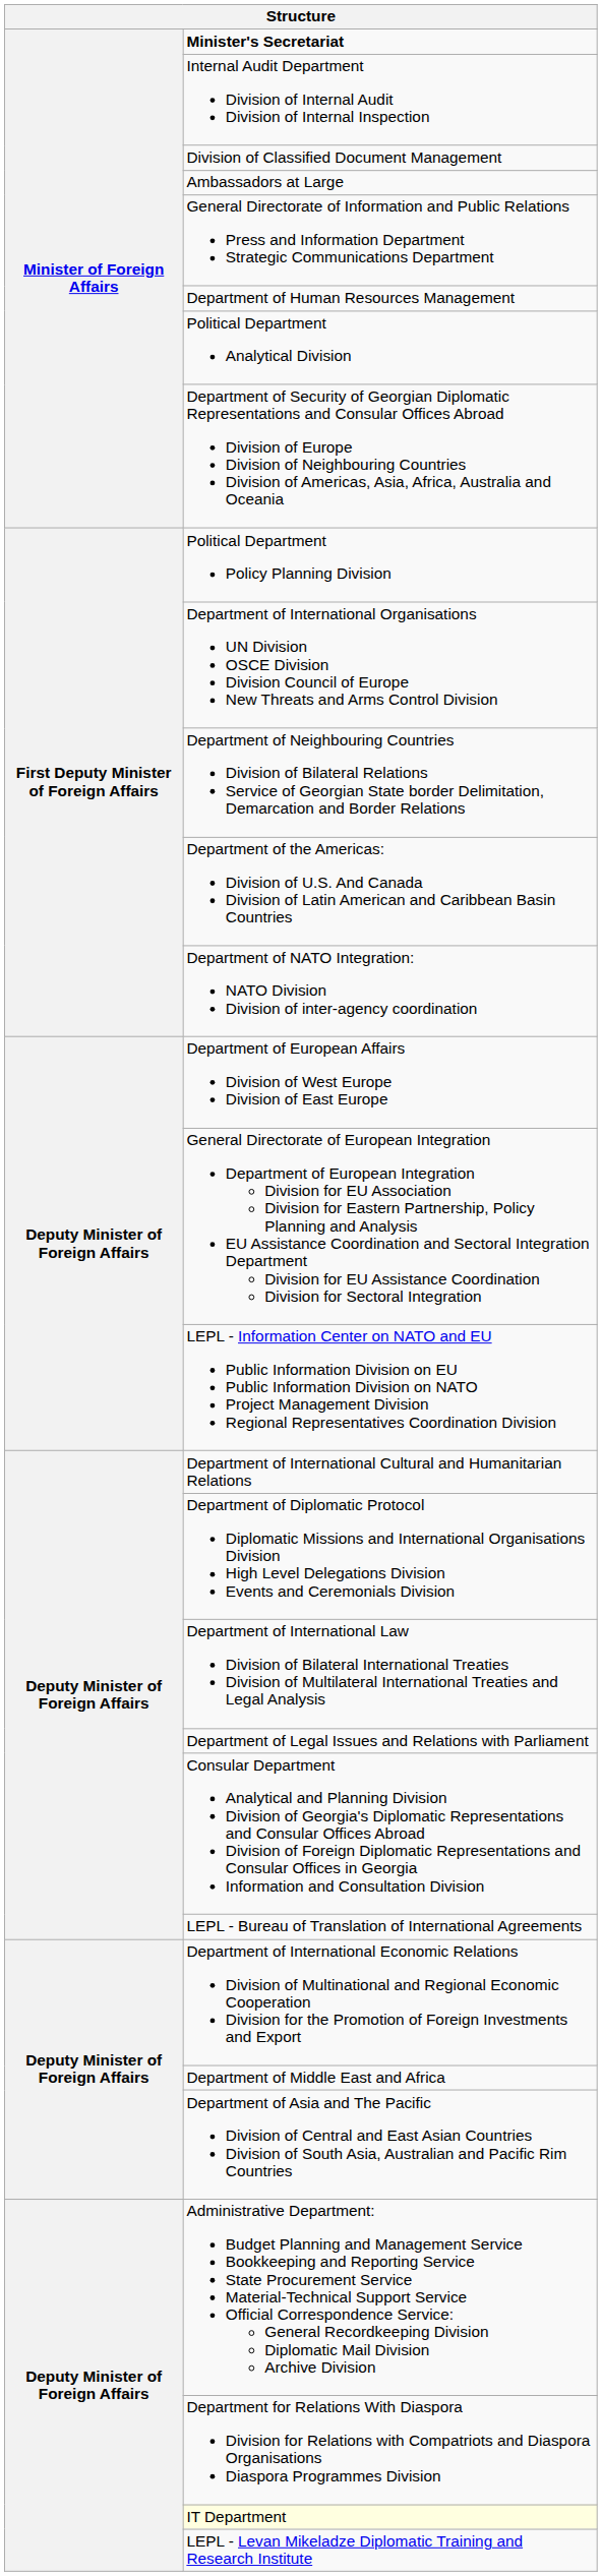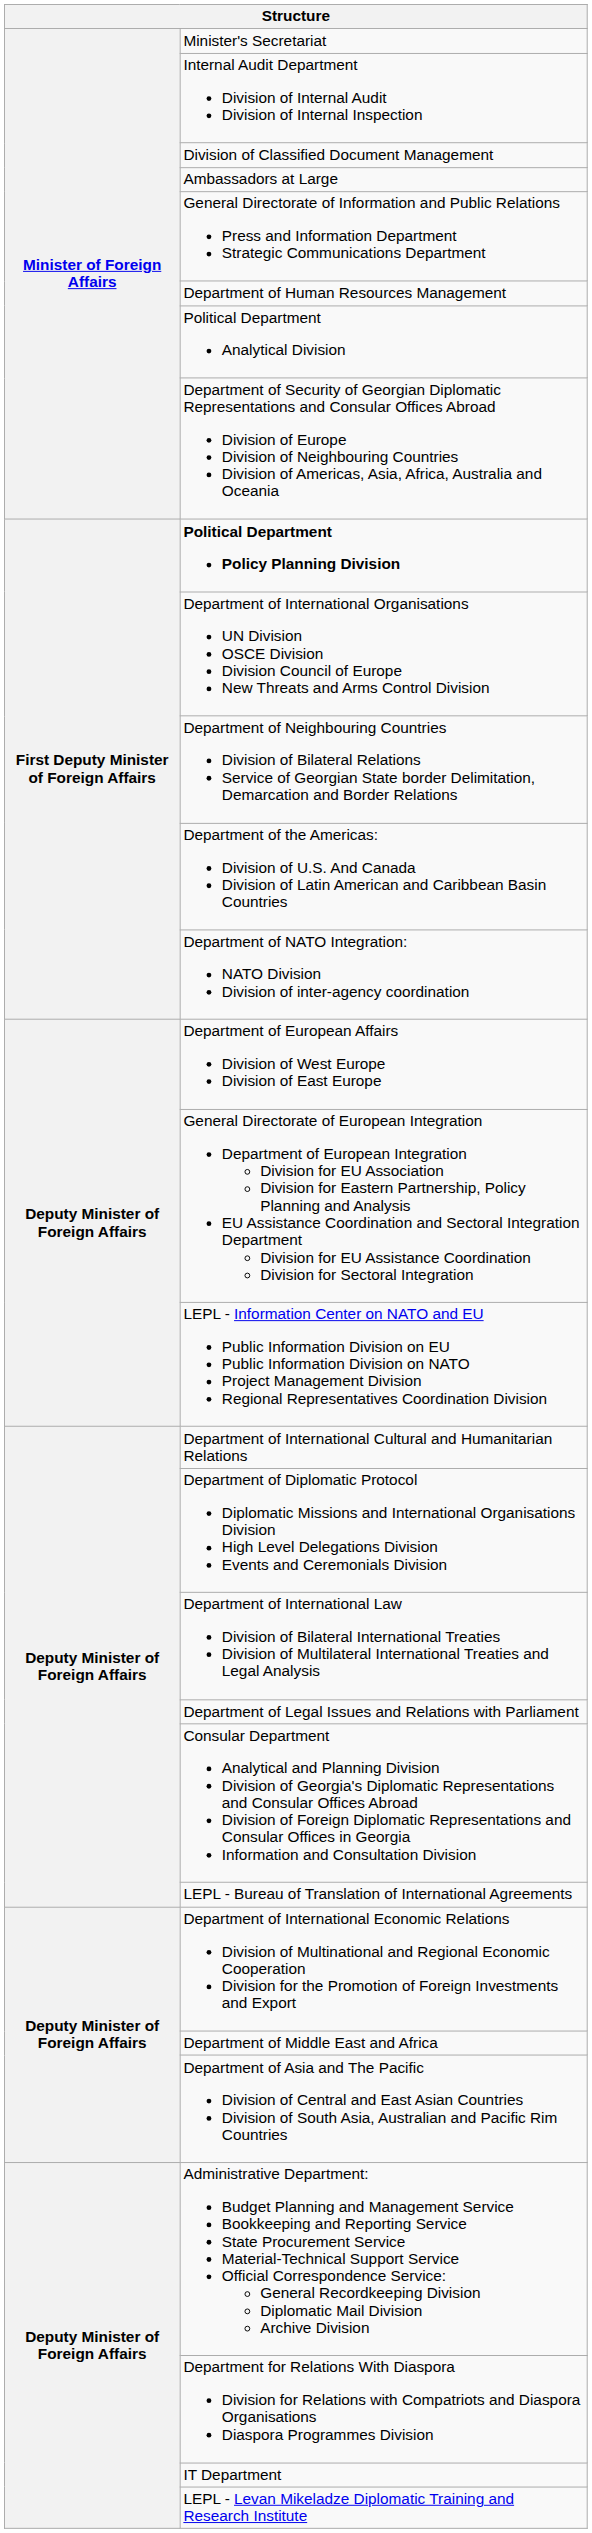 <table class="wikitable sortable">
 <tr>
 <th scope="col" colspan="2">Structure</th>
 </tr>
 <tr>
 <th scope="row" rowspan="8"><a href='#'>Minister of Foreign Affairs</a></th>
-<td><strong>Minister's Secretariat</strong></td>
+<td>Minister's Secretariat</td>
 </tr>
 <tr>
 <td>Internal Audit Department<br><ul><li>Division of Internal Audit</li><li>Division of Internal Inspection</li></ul></td>
 </tr>
 <tr>
 <td>Division of Classified Document Management</td>
 </tr>
 <tr>
 <td>Ambassadors at Large</td>
 </tr>
 <tr>
 <td>General Directorate of Information and Public Relations<br><ul><li>Press and Information Department</li><li>Strategic Communications Department</li></ul></td>
 </tr>
 <tr>
 <td>Department of Human Resources Management</td>
 </tr>
 <tr>
 <td>Political Department<br><ul><li>Analytical Division</li></ul></td>
 </tr>
 <tr>
 <td>Department of Security of Georgian Diplomatic Representations and Consular Offices Abroad<br><ul><li>Division of Europe</li><li>Division of Neighbouring Countries</li><li>Division of Americas, Asia, Africa, Australia and Oceania</li></ul></td>
 </tr>
 <tr>
 <th scope="row" rowspan="5">First Deputy Minister of Foreign Affairs</th>
-<td>Political Department<br><ul><li>Policy Planning Division</li></ul></td>
+<td><strong>Political Department<br><ul><li>Policy Planning Division</li></ul></strong></td>
 </tr>
 <tr>
 <td>Department of International Organisations<br><ul><li>UN Division</li><li>OSCE Division</li><li>Division Council of Europe</li><li>New Threats and Arms Control Division</li></ul></td>
 </tr>
 <tr>
 <td>Department of Neighbouring Countries<br><ul><li>Division of Bilateral Relations</li><li>Service of Georgian State border Delimitation, Demarcation and Border Relations</li></ul></td>
 </tr>
 <tr>
 <td>Department of the Americas:<br><ul><li>Division of U.S. And Canada</li><li>Division of Latin American and Caribbean Basin Countries</li></ul></td>
 </tr>
 <tr>
 <td>Department of NATO Integration:<br><ul><li>NATO Division</li><li>Division of inter-agency coordination</li></ul></td>
 </tr>
 <tr>
 <th scope="row" rowspan="3">Deputy Minister of Foreign Affairs</th>
 <td>Department of European Affairs<br><ul><li>Division of West Europe</li><li>Division of East Europe</li></ul></td>
 </tr>
 <tr>
 <td>General Directorate of European Integration<br><ul><li>Department of European Integration<ul><li>Division for EU Association</li><li>Division for Eastern Partnership, Policy Planning and Analysis</li></ul></li><li>EU Assistance Coordination and Sectoral Integration Department<ul><li>Division for EU Assistance Coordination</li><li>Division for Sectoral Integration</li></ul></li></ul></td>
 </tr>
 <tr>
 <td>LEPL - <a href='#'>Information Center on NATO and EU</a><br><ul><li>Public Information Division on EU</li><li>Public Information Division on NATO</li><li>Project Management Division</li><li>Regional Representatives Coordination Division</li></ul></td>
 </tr>
 <tr>
 <th scope="row" rowspan="6">Deputy Minister of Foreign Affairs</th>
 <td>Department of International Cultural and Humanitarian Relations</td>
 </tr>
 <tr>
 <td>Department of Diplomatic Protocol<br><ul><li>Diplomatic Missions and International Organisations Division</li><li>High Level Delegations Division</li><li>Events and Ceremonials Division</li></ul></td>
 </tr>
 <tr>
 <td>Department of International Law<br><ul><li>Division of Bilateral International Treaties</li><li>Division of Multilateral International Treaties and Legal Analysis</li></ul></td>
 </tr>
 <tr>
 <td>Department of Legal Issues and Relations with Parliament</td>
 </tr>
 <tr>
 <td>Consular Department<br><ul><li>Analytical and Planning Division</li><li>Division of Georgia's Diplomatic Representations and Consular Offices Abroad</li><li>Division of Foreign Diplomatic Representations and Consular Offices in Georgia</li><li>Information and Consultation Division</li></ul></td>
 </tr>
 <tr>
 <td>LEPL - Bureau of Translation of International Agreements</td>
 </tr>
 <tr>
 <th scope="row" rowspan="3">Deputy Minister of Foreign Affairs</th>
 <td>Department of International Economic Relations<br><ul><li>Division of Multinational and Regional Economic Cooperation</li><li>Division for the Promotion of Foreign Investments and Export</li></ul></td>
 </tr>
 <tr>
 <td>Department of Middle East and Africa</td>
 </tr>
 <tr>
 <td>Department of Asia and The Pacific<br><ul><li>Division of Central and East Asian Countries</li><li>Division of South Asia, Australian and Pacific Rim Countries</li></ul></td>
 </tr>
 <tr>
 <th scope="row" rowspan="6">Deputy Minister of Foreign Affairs</th>
 <td>Administrative Department:<br><ul><li>Budget Planning and Management Service</li><li>Bookkeeping and Reporting Service</li><li>State Procurement Service</li><li>Material-Technical Support Service</li><li>Official Correspondence Service:<ul><li>General Recordkeeping Division</li><li>Diplomatic Mail Division</li><li>Archive Division</li></ul></li></ul></td>
 </tr>
 <tr>
 <td>Department for Relations With Diaspora<br><ul><li>Division for Relations with Compatriots and Diaspora Organisations</li><li>Diaspora Programmes Division</li></ul></td>
 </tr>
 <tr>
-<td style="background: lightyellow;">IT Department</td>
+<td>IT Department</td>
 </tr>
 <tr>
 <td>LEPL - <a href='#'>Levan Mikeladze Diplomatic Training and Research Institute</a></td>
 </tr>
 </table>
